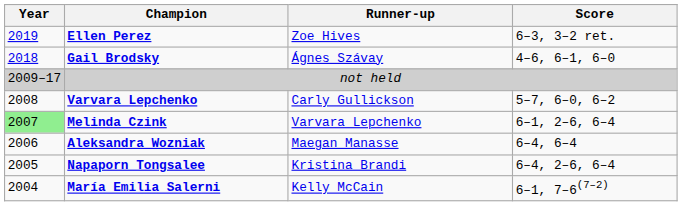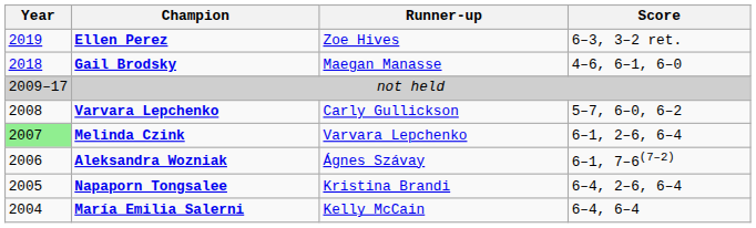 <table class="wikitable" style="font-size:90%">
 <tr>
 <th>Year</th>
 <th width="200">Champion</th>
 <th width="200">Runner-up</th>
 <th width="145">Score</th>
 </tr>
 <tr>
 <td><a href='#'>2019</a></td>
 <td> <strong><a href='#'>Ellen Perez</a></strong></td>
 <td> <a href='#'>Zoe Hives</a></td>
 <td>6–3, 3–2 ret.</td>
 </tr>
 <tr>
 <td><a href='#'>2018</a></td>
 <td> <strong><a href='#'>Gail Brodsky</a></strong></td>
-<td> <a href='#'>Ágnes Szávay</a></td>
+<td> <a href='#'>Maegan Manasse</a></td>
 <td>4–6, 6–1, 6–0</td>
 </tr>
 <tr>
 <td style="background:#cfcfcf">2009–17</td>
 <td colspan=3 align=center style="background:#cfcfcf"><em>not held</em></td>
 </tr>
 <tr>
 <td>2008</td>
 <td> <strong><a href='#'>Varvara Lepchenko</a></strong></td>
 <td> <a href='#'>Carly Gullickson</a></td>
 <td>5–7, 6–0, 6–2</td>
 </tr>
 <tr>
 <td style="background: lightgreen;">2007</td>
 <td> <strong><a href='#'>Melinda Czink</a></strong></td>
 <td> <a href='#'>Varvara Lepchenko</a></td>
 <td>6–1, 2–6, 6–4</td>
 </tr>
 <tr>
 <td>2006</td>
 <td> <strong><a href='#'>Aleksandra Wozniak</a></strong></td>
-<td> <a href='#'>Maegan Manasse</a></td>
-<td>6–4, 6–4</td>
+<td> <a href='#'>Ágnes Szávay</a></td>
+<td>6–1, 7–6<sup>(7–2)</sup></td>
 </tr>
 <tr>
 <td>2005</td>
 <td> <strong><a href='#'>Napaporn Tongsalee</a></strong></td>
 <td> <a href='#'>Kristina Brandi</a></td>
 <td>6–4, 2–6, 6–4</td>
 </tr>
 <tr>
 <td>2004</td>
 <td> <strong><a href='#'>María Emilia Salerni</a></strong></td>
 <td> <a href='#'>Kelly McCain</a></td>
-<td>6–1, 7–6<sup>(7–2)</sup></td>
+<td>6–4, 6–4</td>
 </tr>
 </table>
